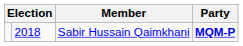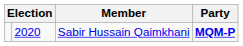 <table class="wikitable">
 <tr>
 <th colspan="2">Election</th>
 <th>Member</th>
 <th>Party</th>
 </tr>
 <tr>
 <td style="background-color: "></td>
-<td><a href='#'>2018</a></td>
+<td><a href='#'>2020</a></td>
 <td><a href='#'>Sabir Hussain Qaimkhani</a></td>
 <td><strong><a href='#'>MQM-P</a></strong></td>
 </tr>
 </table>
